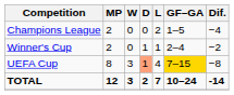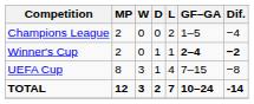 <table class="wikitable">
 <tr>
 <th>Competition</th>
 <th>MP</th>
 <th>W</th>
 <th>D</th>
 <th>L</th>
 <th>GF–GA</th>
 <th>Dif.</th>
 </tr>
 <tr>
 <td><a href='#'>Champions League</a></td>
 <td>2</td>
 <td>0</td>
 <td>0</td>
 <td>2</td>
 <td>1–5</td>
 <td>−4</td>
 </tr>
 <tr>
 <td><a href='#'>Winner's Cup</a></td>
 <td>2</td>
 <td>0</td>
 <td>1</td>
 <td>1</td>
-<td>2–4</td>
-<td>−2</td>
+<td><strong>2–4</strong></td>
+<td><strong>−2</strong></td>
 </tr>
 <tr>
 <td><a href='#'>UEFA Cup</a></td>
 <td>8</td>
 <td>3</td>
-<td style="background: lightsalmon;">1</td>
+<td>1</td>
 <td>4</td>
-<td style="background: gold;">7–15</td>
+<td>7–15</td>
 <td>−8</td>
 </tr>
 <tr>
 <td><strong>TOTAL</strong></td>
 <td><strong>12</strong></td>
 <td><strong>3</strong></td>
 <td><strong>2</strong></td>
 <td><strong>7</strong></td>
 <td><strong>10–24</strong></td>
 <td><strong>-14</strong></td>
 </tr>
 <tr>
 </tr>
 </table>
